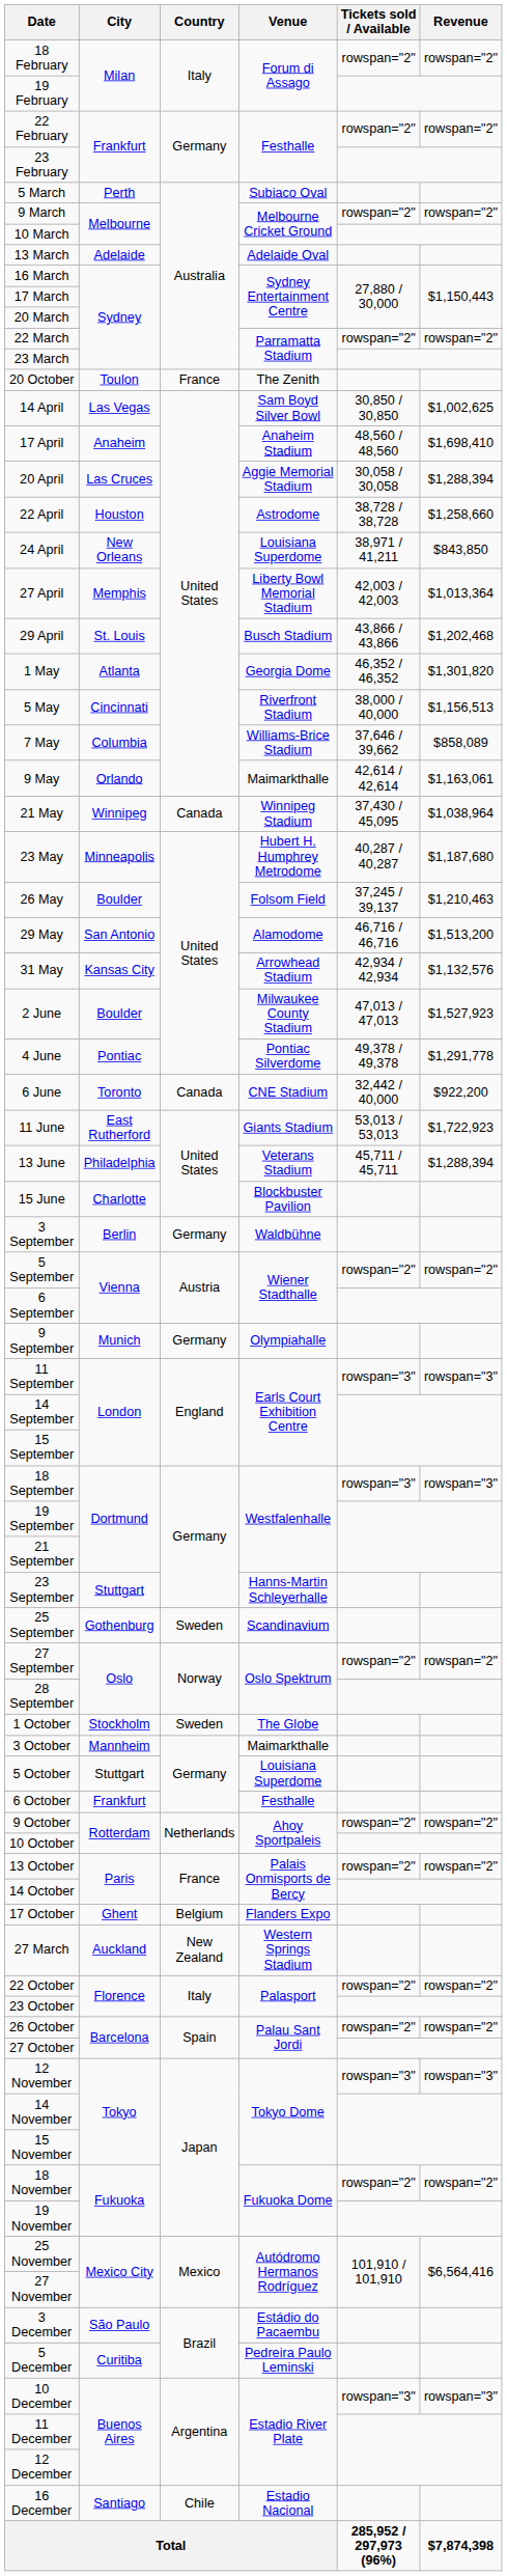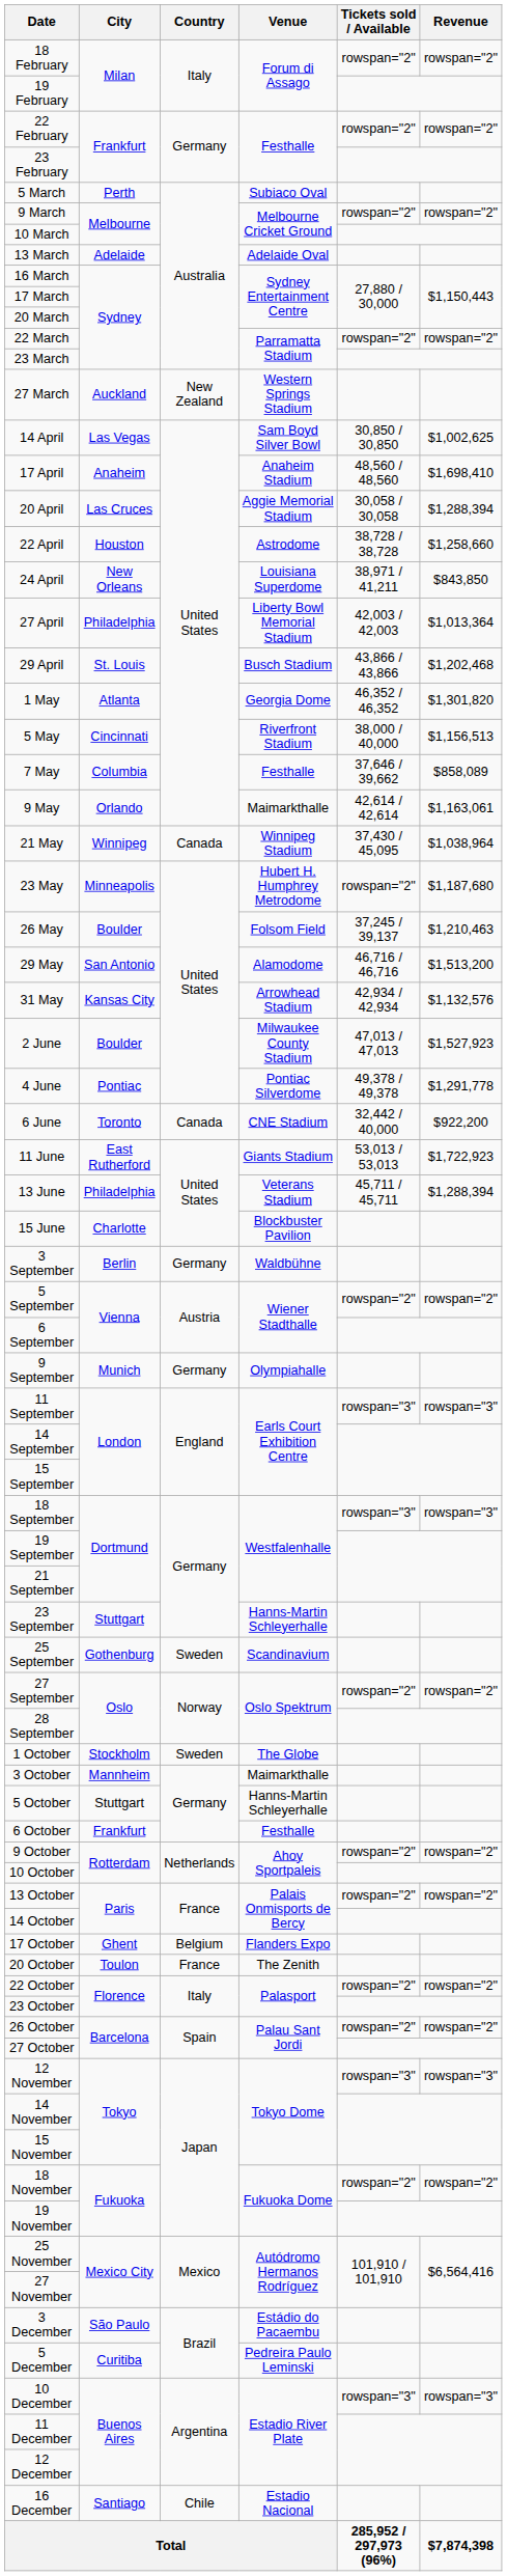 <table class="wikitable" style="text-align:center;">
 <tr>
 <th width="200">Date</th>
 <th width="200">City</th>
 <th width="150">Country</th>
 <th width="300">Venue</th>
 <th width="180">Tickets sold / Available</th>
 <th width="150">Revenue</th>
 </tr>
 <tr>
 <td>18 February</td>
 <td rowspan="2"><a href='#'>Milan</a></td>
 <td rowspan="2">Italy</td>
 <td rowspan="2"><a href='#'>Forum di Assago</a></td>
 <td>rowspan="2" </td>
 <td>rowspan="2" </td>
 </tr>
 <tr>
 <td>19 February</td>
 </tr>
 <tr>
 <td>22 February</td>
 <td rowspan="2"><a href='#'>Frankfurt</a></td>
 <td rowspan="2">Germany</td>
 <td rowspan="2"><a href='#'>Festhalle</a></td>
 <td>rowspan="2" </td>
 <td>rowspan="2" </td>
 </tr>
 <tr>
 <td>23 February</td>
 </tr>
 <tr>
 <td>5 March</td>
 <td><a href='#'>Perth</a></td>
 <td rowspan="9">Australia</td>
 <td><a href='#'>Subiaco Oval</a></td>
 <td></td>
 <td></td>
 </tr>
 <tr>
 <td>9 March</td>
 <td rowspan="2"><a href='#'>Melbourne</a></td>
 <td rowspan="2"><a href='#'>Melbourne Cricket Ground</a></td>
 <td>rowspan="2" </td>
 <td>rowspan="2" </td>
 </tr>
 <tr>
 <td>10 March</td>
 </tr>
 <tr>
 <td>13 March</td>
 <td><a href='#'>Adelaide</a></td>
 <td><a href='#'>Adelaide Oval</a></td>
 <td></td>
 <td></td>
 </tr>
 <tr>
 <td>16 March</td>
 <td rowspan="5"><a href='#'>Sydney</a></td>
 <td rowspan="3"><a href='#'>Sydney Entertainment Centre</a></td>
 <td rowspan="3">27,880 / 30,000</td>
 <td rowspan="3">$1,150,443</td>
 </tr>
 <tr>
 <td>17 March</td>
 </tr>
 <tr>
 <td>20 March</td>
 </tr>
 <tr>
 <td>22 March</td>
 <td rowspan="2"><a href='#'>Parramatta Stadium</a></td>
 <td>rowspan="2" </td>
 <td>rowspan="2" </td>
 </tr>
 <tr>
 <td>23 March</td>
 </tr>
 <tr>
-<td>20 October</td>
-<td><a href='#'>Toulon</a></td>
-<td>France</td>
-<td>The Zenith</td>
+<td>27 March</td>
+<td><a href='#'>Auckland</a></td>
+<td>New Zealand</td>
+<td><a href='#'>Western Springs Stadium</a></td>
 <td></td>
 <td></td>
 </tr>
 <tr>
 <td>14 April</td>
 <td><a href='#'>Las Vegas</a></td>
 <td rowspan="11">United States</td>
 <td><a href='#'>Sam Boyd Silver Bowl</a></td>
 <td>30,850 / 30,850</td>
 <td>$1,002,625</td>
 </tr>
 <tr>
 <td>17 April</td>
 <td><a href='#'>Anaheim</a></td>
 <td><a href='#'>Anaheim Stadium</a></td>
 <td>48,560 / 48,560</td>
 <td>$1,698,410</td>
 </tr>
 <tr>
 <td>20 April</td>
 <td><a href='#'>Las Cruces</a></td>
 <td><a href='#'>Aggie Memorial Stadium</a></td>
 <td>30,058 / 30,058</td>
 <td>$1,288,394</td>
 </tr>
 <tr>
 <td>22 April</td>
 <td><a href='#'>Houston</a></td>
 <td><a href='#'>Astrodome</a></td>
 <td>38,728 / 38,728</td>
 <td>$1,258,660</td>
 </tr>
 <tr>
 <td>24 April</td>
 <td><a href='#'>New Orleans</a></td>
 <td><a href='#'>Louisiana Superdome</a></td>
 <td>38,971 / 41,211</td>
 <td>$843,850</td>
 </tr>
 <tr>
 <td>27 April</td>
-<td><a href='#'>Memphis</a></td>
+<td><a href='#'>Philadelphia</a></td>
 <td><a href='#'>Liberty Bowl Memorial Stadium</a></td>
 <td>42,003 / 42,003</td>
 <td>$1,013,364</td>
 </tr>
 <tr>
 <td>29 April</td>
 <td><a href='#'>St. Louis</a></td>
 <td><a href='#'>Busch Stadium</a></td>
 <td>43,866 / 43,866</td>
 <td>$1,202,468</td>
 </tr>
 <tr>
 <td>1 May</td>
 <td><a href='#'>Atlanta</a></td>
 <td><a href='#'>Georgia Dome</a></td>
 <td>46,352 / 46,352</td>
 <td>$1,301,820</td>
 </tr>
 <tr>
 <td>5 May</td>
 <td><a href='#'>Cincinnati</a></td>
 <td><a href='#'>Riverfront Stadium</a></td>
 <td>38,000 / 40,000</td>
 <td>$1,156,513</td>
 </tr>
 <tr>
 <td>7 May</td>
 <td><a href='#'>Columbia</a></td>
-<td><a href='#'>Williams-Brice Stadium</a></td>
+<td><a href='#'>Festhalle</a></td>
 <td>37,646 / 39,662</td>
 <td>$858,089</td>
 </tr>
 <tr>
 <td>9 May</td>
 <td><a href='#'>Orlando</a></td>
 <td>Maimarkthalle</td>
 <td>42,614 / 42,614</td>
 <td>$1,163,061</td>
 </tr>
 <tr>
 <td>21 May</td>
 <td><a href='#'>Winnipeg</a></td>
 <td>Canada</td>
 <td><a href='#'>Winnipeg Stadium</a></td>
 <td>37,430 / 45,095</td>
 <td>$1,038,964</td>
 </tr>
 <tr>
 <td>23 May</td>
 <td><a href='#'>Minneapolis</a></td>
 <td rowspan="6">United States</td>
 <td><a href='#'>Hubert H. Humphrey Metrodome</a></td>
-<td>40,287 / 40,287</td>
+<td>rowspan="2" </td>
 <td>$1,187,680</td>
 </tr>
 <tr>
 <td>26 May</td>
 <td><a href='#'>Boulder</a></td>
 <td><a href='#'>Folsom Field</a></td>
 <td>37,245 / 39,137</td>
 <td>$1,210,463</td>
 </tr>
 <tr>
 <td>29 May</td>
 <td><a href='#'>San Antonio</a></td>
 <td><a href='#'>Alamodome</a></td>
 <td>46,716 / 46,716</td>
 <td>$1,513,200</td>
 </tr>
 <tr>
 <td>31 May</td>
 <td><a href='#'>Kansas City</a></td>
 <td><a href='#'>Arrowhead Stadium</a></td>
 <td>42,934 / 42,934</td>
 <td>$1,132,576</td>
 </tr>
 <tr>
 <td>2 June</td>
 <td><a href='#'>Boulder</a></td>
 <td><a href='#'>Milwaukee County Stadium</a></td>
 <td>47,013 / 47,013</td>
 <td>$1,527,923</td>
 </tr>
 <tr>
 <td>4 June</td>
 <td><a href='#'>Pontiac</a></td>
 <td><a href='#'>Pontiac Silverdome</a></td>
 <td>49,378 / 49,378</td>
 <td>$1,291,778</td>
 </tr>
 <tr>
 <td>6 June</td>
 <td><a href='#'>Toronto</a></td>
 <td>Canada</td>
 <td><a href='#'>CNE Stadium</a></td>
 <td>32,442 / 40,000</td>
 <td>$922,200</td>
 </tr>
 <tr>
 <td>11 June</td>
 <td><a href='#'>East Rutherford</a></td>
 <td rowspan="3">United States</td>
 <td><a href='#'>Giants Stadium</a></td>
 <td>53,013 / 53,013</td>
 <td>$1,722,923</td>
 </tr>
 <tr>
 <td>13 June</td>
 <td><a href='#'>Philadelphia</a></td>
 <td><a href='#'>Veterans Stadium</a></td>
 <td>45,711 / 45,711</td>
 <td>$1,288,394</td>
 </tr>
 <tr>
 <td>15 June</td>
 <td><a href='#'>Charlotte</a></td>
 <td><a href='#'>Blockbuster Pavilion</a></td>
 <td></td>
 <td></td>
 </tr>
 <tr>
 <td>3 September</td>
 <td><a href='#'>Berlin</a></td>
 <td>Germany</td>
 <td><a href='#'>Waldbühne</a></td>
 <td></td>
 <td></td>
 </tr>
 <tr>
 <td>5 September</td>
 <td rowspan="2"><a href='#'>Vienna</a></td>
 <td rowspan="2">Austria</td>
 <td rowspan="2"><a href='#'>Wiener Stadthalle</a></td>
 <td>rowspan="2" </td>
 <td>rowspan="2" </td>
 </tr>
 <tr>
 <td>6 September</td>
 </tr>
 <tr>
 <td>9 September</td>
 <td><a href='#'>Munich</a></td>
 <td>Germany</td>
 <td><a href='#'>Olympiahalle</a></td>
 <td></td>
 <td></td>
 </tr>
 <tr>
 <td>11 September</td>
 <td rowspan="3"><a href='#'>London</a></td>
 <td rowspan="3">England</td>
 <td rowspan="3"><a href='#'>Earls Court Exhibition Centre</a></td>
 <td>rowspan="3" </td>
 <td>rowspan="3" </td>
 </tr>
 <tr>
 <td>14 September</td>
 </tr>
 <tr>
 <td>15 September</td>
 </tr>
 <tr>
 <td>18 September</td>
 <td rowspan="3"><a href='#'>Dortmund</a></td>
 <td rowspan="4">Germany</td>
 <td rowspan="3"><a href='#'>Westfalenhalle</a></td>
 <td>rowspan="3" </td>
 <td>rowspan="3" </td>
 </tr>
 <tr>
 <td>19 September</td>
 </tr>
 <tr>
 <td>21 September</td>
 </tr>
 <tr>
 <td>23 September</td>
 <td><a href='#'>Stuttgart</a></td>
 <td><a href='#'>Hanns-Martin Schleyerhalle</a></td>
 <td></td>
 <td></td>
 </tr>
 <tr>
 <td>25 September</td>
 <td><a href='#'>Gothenburg</a></td>
 <td>Sweden</td>
 <td><a href='#'>Scandinavium</a></td>
 <td></td>
 <td></td>
 </tr>
 <tr>
 <td>27 September</td>
 <td rowspan="2"><a href='#'>Oslo</a></td>
 <td rowspan="2">Norway</td>
 <td rowspan="2"><a href='#'>Oslo Spektrum</a></td>
 <td>rowspan="2" </td>
 <td>rowspan="2" </td>
 </tr>
 <tr>
 <td>28 September</td>
 </tr>
 <tr>
 <td>1 October</td>
 <td><a href='#'>Stockholm</a></td>
 <td>Sweden</td>
 <td><a href='#'>The Globe</a></td>
 <td></td>
 <td></td>
 </tr>
 <tr>
 <td>3 October</td>
 <td><a href='#'>Mannheim</a></td>
 <td rowspan="3">Germany</td>
 <td>Maimarkthalle</td>
 <td></td>
 <td></td>
 </tr>
 <tr>
 <td>5 October</td>
 <td>Stuttgart</td>
-<td><a href='#'>Louisiana Superdome</a></td>
+<td>Hanns-Martin Schleyerhalle</td>
 <td></td>
 <td></td>
 </tr>
 <tr>
 <td>6 October</td>
 <td><a href='#'>Frankfurt</a></td>
 <td><a href='#'>Festhalle</a></td>
 <td></td>
 <td></td>
 </tr>
 <tr>
 <td>9 October</td>
 <td rowspan="2"><a href='#'>Rotterdam</a></td>
 <td rowspan="2">Netherlands</td>
 <td rowspan="2"><a href='#'>Ahoy Sportpaleis</a></td>
 <td>rowspan="2" </td>
 <td>rowspan="2" </td>
 </tr>
 <tr>
 <td>10 October</td>
 </tr>
 <tr>
 <td>13 October</td>
 <td rowspan="2"><a href='#'>Paris</a></td>
 <td rowspan="2">France</td>
 <td rowspan="2"><a href='#'>Palais Onmisports de Bercy</a></td>
 <td>rowspan="2" </td>
 <td>rowspan="2" </td>
 </tr>
 <tr>
 <td>14 October</td>
 </tr>
 <tr>
 <td>17 October</td>
 <td><a href='#'>Ghent</a></td>
 <td>Belgium</td>
 <td><a href='#'>Flanders Expo</a></td>
 <td></td>
 <td></td>
 </tr>
 <tr>
-<td>27 March</td>
-<td><a href='#'>Auckland</a></td>
-<td>New Zealand</td>
-<td><a href='#'>Western Springs Stadium</a></td>
+<td>20 October</td>
+<td><a href='#'>Toulon</a></td>
+<td>France</td>
+<td>The Zenith</td>
 <td></td>
 <td></td>
 </tr>
 <tr>
 <td>22 October</td>
 <td rowspan="2"><a href='#'>Florence</a></td>
 <td rowspan="2">Italy</td>
 <td rowspan="2"><a href='#'>Palasport</a></td>
 <td>rowspan="2" </td>
 <td>rowspan="2" </td>
 </tr>
 <tr>
 <td>23 October</td>
 </tr>
 <tr>
 <td>26 October</td>
 <td rowspan="2"><a href='#'>Barcelona</a></td>
 <td rowspan="2">Spain</td>
 <td rowspan="2"><a href='#'>Palau Sant Jordi</a></td>
 <td>rowspan="2" </td>
 <td>rowspan="2" </td>
 </tr>
 <tr>
 <td>27 October</td>
 </tr>
 <tr>
 <td>12 November</td>
 <td rowspan="3"><a href='#'>Tokyo</a></td>
 <td rowspan="5">Japan</td>
 <td rowspan="3"><a href='#'>Tokyo Dome</a></td>
 <td>rowspan="3" </td>
 <td>rowspan="3" </td>
 </tr>
 <tr>
 <td>14 November</td>
 </tr>
 <tr>
 <td>15 November</td>
 </tr>
 <tr>
 <td>18 November</td>
 <td rowspan="2"><a href='#'>Fukuoka</a></td>
 <td rowspan="2"><a href='#'>Fukuoka Dome</a></td>
 <td>rowspan="2" </td>
 <td>rowspan="2" </td>
 </tr>
 <tr>
 <td>19 November</td>
 </tr>
 <tr>
 <td>25 November</td>
 <td rowspan="2"><a href='#'>Mexico City</a></td>
 <td rowspan="2">Mexico</td>
 <td rowspan="2"><a href='#'>Autódromo Hermanos Rodríguez</a></td>
 <td rowspan="2">101,910 / 101,910</td>
 <td rowspan="2">$6,564,416</td>
 </tr>
 <tr>
 <td>27 November</td>
 </tr>
 <tr>
 <td>3 December</td>
 <td><a href='#'>São Paulo</a></td>
 <td rowspan="2">Brazil</td>
 <td><a href='#'>Estádio do Pacaembu</a></td>
 <td></td>
 <td></td>
 </tr>
 <tr>
 <td>5 December</td>
 <td><a href='#'>Curitiba</a></td>
 <td><a href='#'>Pedreira Paulo Leminski</a></td>
 <td></td>
 <td></td>
 </tr>
 <tr>
 <td>10 December</td>
 <td rowspan="3"><a href='#'>Buenos Aires</a></td>
 <td rowspan="3">Argentina</td>
 <td rowspan="3"><a href='#'>Estadio River Plate</a></td>
 <td>rowspan="3" </td>
 <td>rowspan="3" </td>
 </tr>
 <tr>
 <td>11 December</td>
 </tr>
 <tr>
 <td>12 December</td>
 </tr>
 <tr>
 <td>16 December</td>
 <td><a href='#'>Santiago</a></td>
 <td>Chile</td>
 <td><a href='#'>Estadio Nacional</a></td>
 <td></td>
 <td></td>
 </tr>
 <tr>
 <th colspan="4"><strong>Total</strong></th>
 <td><strong>285,952 / 297,973 (96%)</strong></td>
 <td><strong>$7,874,398</strong></td>
 </tr>
 </table>
